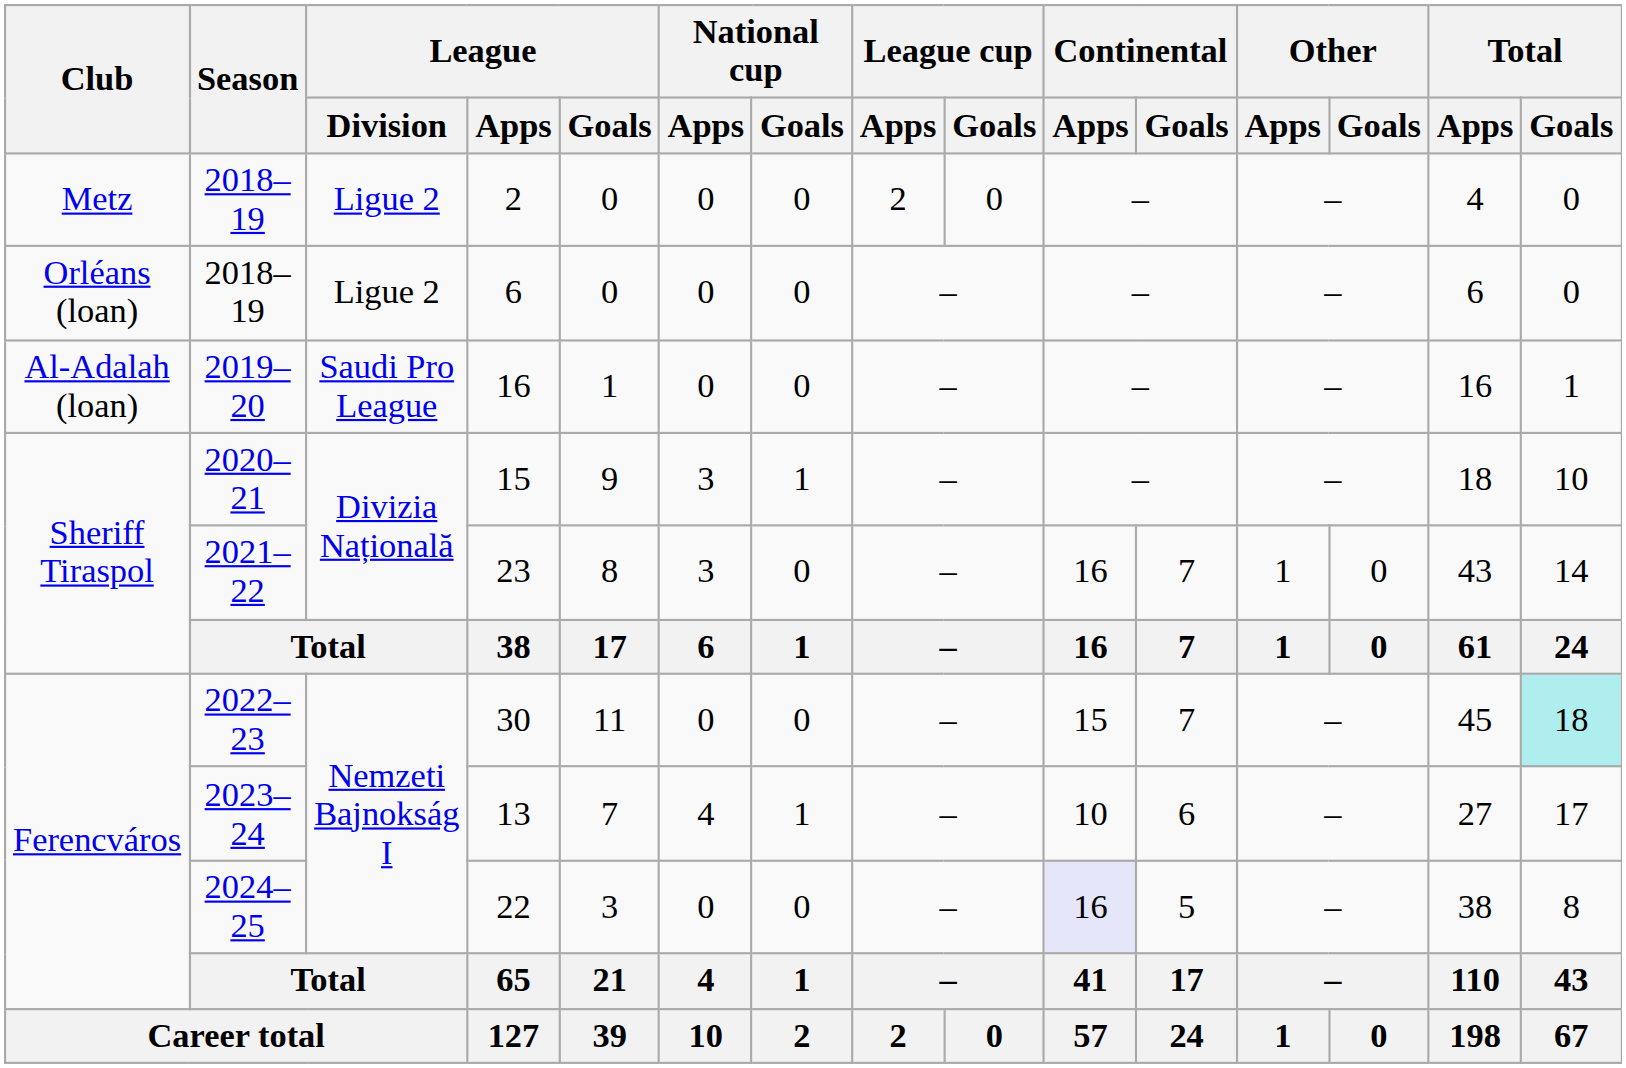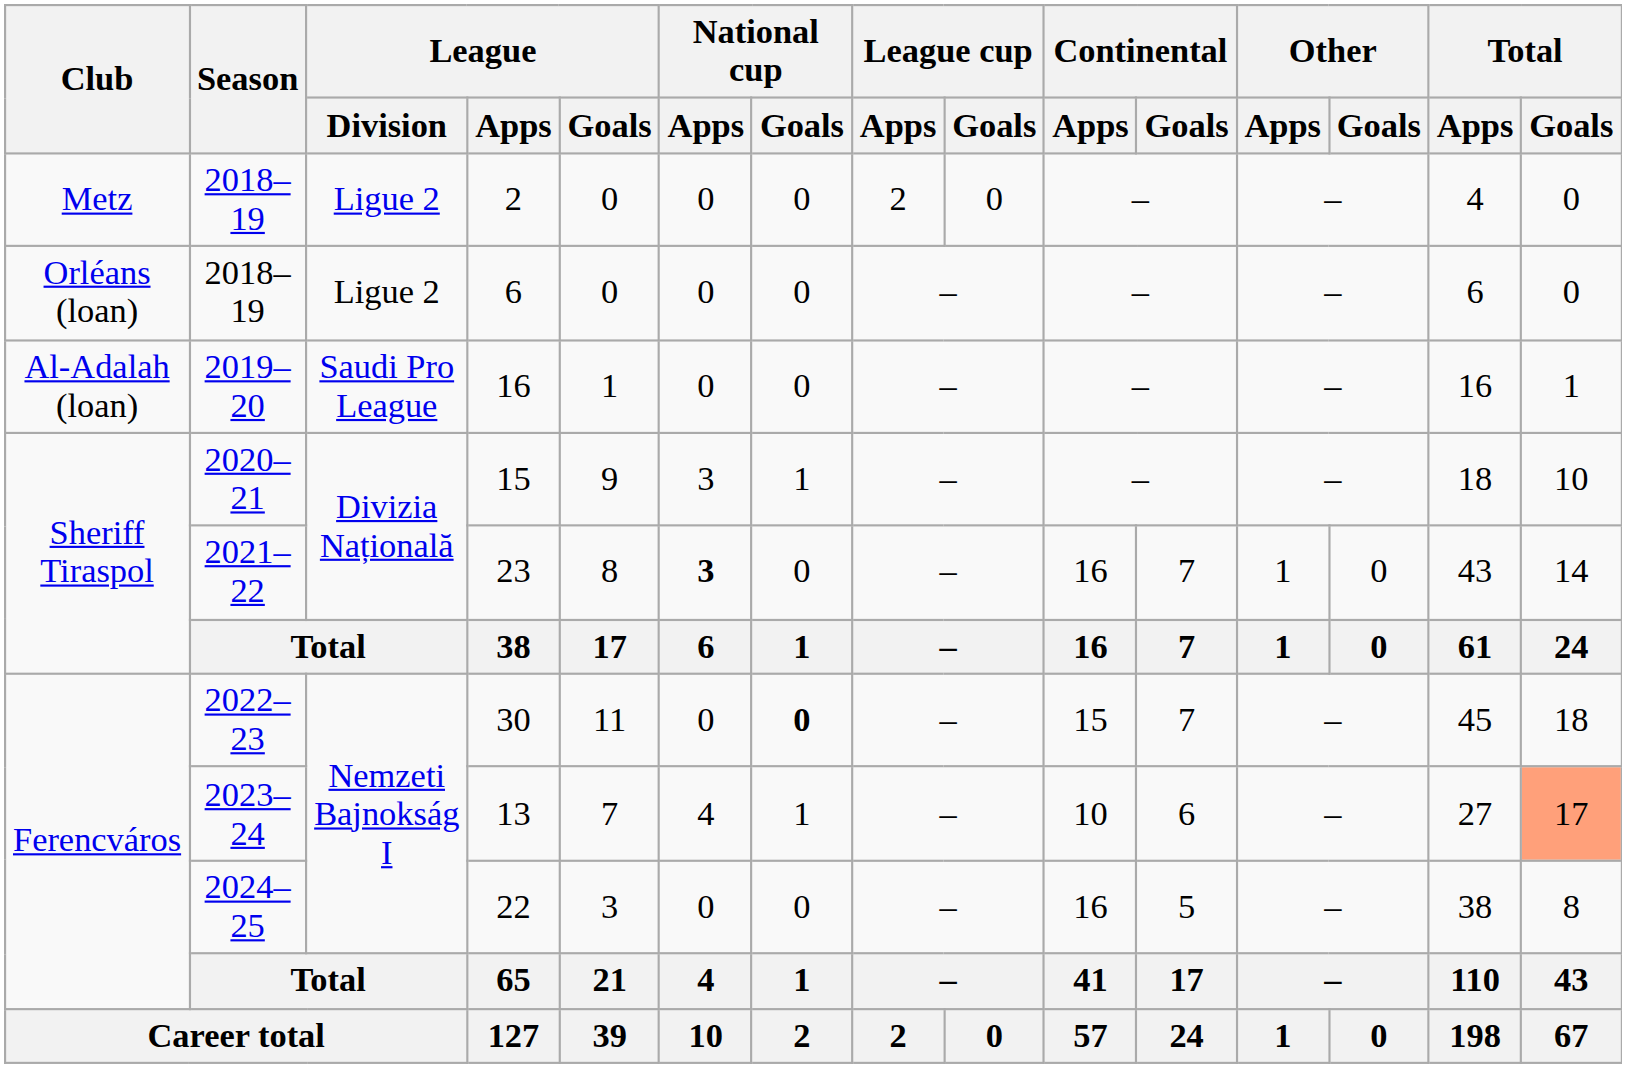 <table class="wikitable" style="text-align:center">
 <tr>
 <th rowspan="2">Club</th>
 <th rowspan="2">Season</th>
 <th colspan="3">League</th>
 <th colspan="2">National cup</th>
 <th colspan="2">League cup</th>
 <th colspan="2">Continental</th>
 <th colspan="2">Other</th>
 <th colspan="2">Total</th>
 </tr>
 <tr>
 <th>Division</th>
 <th>Apps</th>
 <th>Goals</th>
 <th>Apps</th>
 <th>Goals</th>
 <th>Apps</th>
 <th>Goals</th>
 <th>Apps</th>
 <th>Goals</th>
 <th>Apps</th>
 <th>Goals</th>
 <th>Apps</th>
 <th>Goals</th>
 </tr>
 <tr>
 <td><a href='#'>Metz</a></td>
 <td><a href='#'>2018–19</a></td>
 <td><a href='#'>Ligue 2</a></td>
 <td>2</td>
 <td>0</td>
 <td>0</td>
 <td>0</td>
 <td>2</td>
 <td>0</td>
 <td colspan="2">–</td>
 <td colspan="2">–</td>
 <td>4</td>
 <td>0</td>
 </tr>
 <tr>
 <td><a href='#'>Orléans</a> (loan)</td>
 <td>2018–19</td>
 <td>Ligue 2</td>
 <td>6</td>
 <td>0</td>
 <td>0</td>
 <td>0</td>
 <td colspan="2">–</td>
 <td colspan="2">–</td>
 <td colspan="2">–</td>
 <td>6</td>
 <td>0</td>
 </tr>
 <tr>
 <td><a href='#'>Al-Adalah</a> (loan)</td>
 <td><a href='#'>2019–20</a></td>
 <td><a href='#'>Saudi Pro League</a></td>
 <td>16</td>
 <td>1</td>
 <td>0</td>
 <td>0</td>
 <td colspan="2">–</td>
 <td colspan="2">–</td>
 <td colspan="2">–</td>
 <td>16</td>
 <td>1</td>
 </tr>
 <tr>
 <td rowspan="3"><a href='#'>Sheriff Tiraspol</a></td>
 <td><a href='#'>2020–21</a></td>
 <td rowspan="2"><a href='#'>Divizia Națională</a></td>
 <td>15</td>
 <td>9</td>
 <td>3</td>
 <td>1</td>
 <td colspan="2">–</td>
 <td colspan="2">–</td>
 <td colspan="2">–</td>
 <td>18</td>
 <td>10</td>
 </tr>
 <tr>
 <td><a href='#'>2021–22</a></td>
 <td>23</td>
 <td>8</td>
-<td>3</td>
+<td><strong>3</strong></td>
 <td>0</td>
 <td colspan="2">–</td>
 <td>16</td>
 <td>7</td>
 <td>1</td>
 <td>0</td>
 <td>43</td>
 <td>14</td>
 </tr>
 <tr>
 <th colspan="2">Total</th>
 <th>38</th>
 <th>17</th>
 <th>6</th>
 <th>1</th>
 <th colspan="2">–</th>
 <th>16</th>
 <th>7</th>
 <th>1</th>
 <th>0</th>
 <th>61</th>
 <th>24</th>
 </tr>
 <tr>
 <td rowspan="4"><a href='#'>Ferencváros</a></td>
 <td><a href='#'>2022–23</a></td>
 <td rowspan="3"><a href='#'>Nemzeti Bajnokság I</a></td>
 <td>30</td>
 <td>11</td>
 <td>0</td>
-<td>0</td>
+<td><strong>0</strong></td>
 <td colspan="2">–</td>
 <td>15</td>
 <td>7</td>
 <td colspan="2">–</td>
 <td>45</td>
-<td style="background: paleturquoise;">18</td>
+<td>18</td>
 </tr>
 <tr>
 <td><a href='#'>2023–24</a></td>
 <td>13</td>
 <td>7</td>
 <td>4</td>
 <td>1</td>
 <td colspan="2">–</td>
 <td>10</td>
 <td>6</td>
 <td colspan="2">–</td>
 <td>27</td>
-<td>17</td>
+<td style="background: lightsalmon;">17</td>
 </tr>
 <tr>
 <td><a href='#'>2024–25</a></td>
 <td>22</td>
 <td>3</td>
 <td>0</td>
 <td>0</td>
 <td colspan="2">–</td>
-<td style="background: lavender;">16</td>
+<td>16</td>
 <td>5</td>
 <td colspan=2>–</td>
 <td>38</td>
 <td>8</td>
 </tr>
 <tr>
 <th colspan="2">Total</th>
 <th>65</th>
 <th>21</th>
 <th>4</th>
 <th>1</th>
 <th colspan="2">–</th>
 <th>41</th>
 <th>17</th>
 <th colspan="2">–</th>
 <th>110</th>
 <th>43</th>
 </tr>
 <tr>
 <th colspan="3">Career total</th>
 <th>127</th>
 <th>39</th>
 <th>10</th>
 <th>2</th>
 <th>2</th>
 <th>0</th>
 <th>57</th>
 <th>24</th>
 <th>1</th>
 <th>0</th>
 <th>198</th>
 <th>67</th>
 </tr>
 </table>
